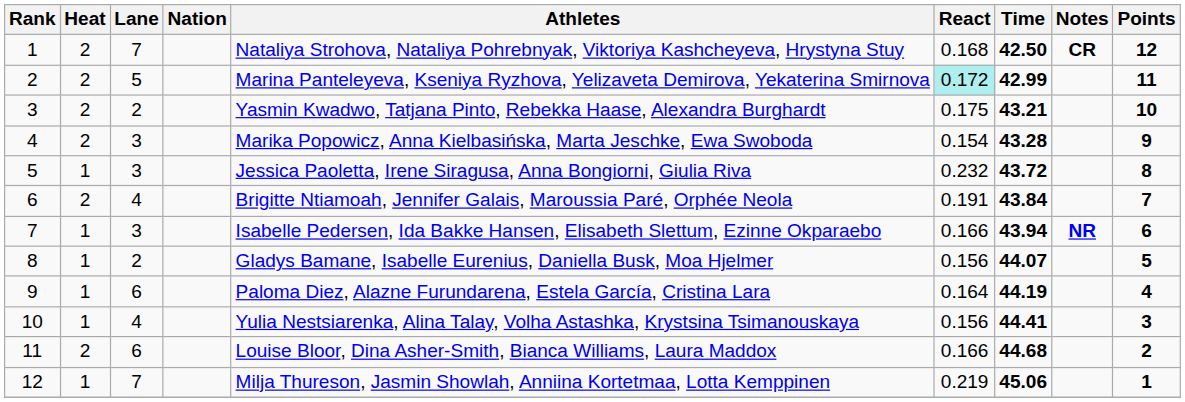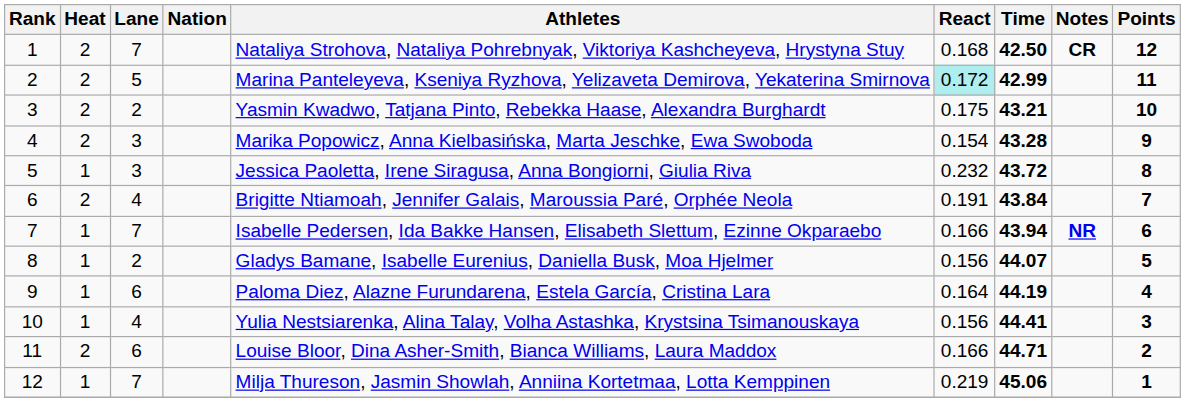 <table class="wikitable sortable" style="text-align:center">
 <tr>
 <th>Rank</th>
 <th>Heat</th>
 <th>Lane</th>
 <th>Nation</th>
 <th>Athletes</th>
 <th>React</th>
 <th>Time</th>
 <th>Notes</th>
 <th>Points</th>
 </tr>
 <tr>
 <td>1</td>
 <td>2</td>
 <td>7</td>
 <td align=left></td>
 <td align=left><a href='#'>Nataliya Strohova</a>, <a href='#'>Nataliya Pohrebnyak</a>, <a href='#'>Viktoriya Kashcheyeva</a>, <a href='#'>Hrystyna Stuy</a></td>
 <td>0.168</td>
 <td><strong>42.50</strong></td>
 <td><strong>CR </strong></td>
 <td><strong>12</strong></td>
 </tr>
 <tr>
 <td>2</td>
 <td>2</td>
 <td>5</td>
 <td align=left></td>
 <td align=left><a href='#'>Marina Panteleyeva</a>, <a href='#'>Kseniya Ryzhova</a>, <a href='#'>Yelizaveta Demirova</a>, <a href='#'>Yekaterina Smirnova</a></td>
 <td style="background: paleturquoise;">0.172</td>
 <td><strong>42.99</strong></td>
 <td></td>
 <td><strong>11</strong></td>
 </tr>
 <tr>
 <td>3</td>
 <td>2</td>
 <td>2</td>
 <td align=left></td>
 <td align=left><a href='#'>Yasmin Kwadwo</a>, <a href='#'>Tatjana Pinto</a>, <a href='#'>Rebekka Haase</a>, <a href='#'>Alexandra Burghardt</a></td>
 <td>0.175</td>
 <td><strong>43.21</strong></td>
 <td></td>
 <td><strong>10</strong></td>
 </tr>
 <tr>
 <td>4</td>
 <td>2</td>
 <td>3</td>
 <td align=left></td>
 <td align=left><a href='#'>Marika Popowicz</a>, <a href='#'>Anna Kielbasińska</a>, <a href='#'>Marta Jeschke</a>, <a href='#'>Ewa Swoboda</a></td>
 <td>0.154</td>
 <td><strong>43.28</strong></td>
 <td></td>
 <td><strong>9</strong></td>
 </tr>
 <tr>
 <td>5</td>
 <td>1</td>
 <td>3</td>
 <td align=left></td>
 <td align=left><a href='#'>Jessica Paoletta</a>, <a href='#'>Irene Siragusa</a>, <a href='#'>Anna Bongiorni</a>, <a href='#'>Giulia Riva</a></td>
 <td>0.232</td>
 <td><strong>43.72</strong></td>
 <td></td>
 <td><strong>8</strong></td>
 </tr>
 <tr>
 <td>6</td>
 <td>2</td>
 <td>4</td>
 <td align=left></td>
 <td align=left><a href='#'>Brigitte Ntiamoah</a>, <a href='#'>Jennifer Galais</a>, <a href='#'>Maroussia Paré</a>, <a href='#'>Orphée Neola</a></td>
 <td>0.191</td>
 <td><strong>43.84</strong></td>
 <td></td>
 <td><strong>7</strong></td>
 </tr>
 <tr>
 <td>7</td>
 <td>1</td>
-<td>3</td>
+<td>7</td>
 <td align=left></td>
 <td align=left><a href='#'>Isabelle Pedersen</a>, <a href='#'>Ida Bakke Hansen</a>, <a href='#'>Elisabeth Slettum</a>, <a href='#'>Ezinne Okparaebo</a></td>
 <td>0.166</td>
 <td><strong>43.94</strong></td>
 <td><strong><a href='#'>NR</a></strong></td>
 <td><strong>6</strong></td>
 </tr>
 <tr>
 <td>8</td>
 <td>1</td>
 <td>2</td>
 <td align=left></td>
 <td align=left><a href='#'>Gladys Bamane</a>, <a href='#'>Isabelle Eurenius</a>, <a href='#'>Daniella Busk</a>, <a href='#'>Moa Hjelmer</a></td>
 <td>0.156</td>
 <td><strong>44.07</strong></td>
 <td></td>
 <td><strong>5</strong></td>
 </tr>
 <tr>
 <td>9</td>
 <td>1</td>
 <td>6</td>
 <td align=left></td>
 <td align=left><a href='#'>Paloma Diez</a>, <a href='#'>Alazne Furundarena</a>, <a href='#'>Estela García</a>, <a href='#'>Cristina Lara</a></td>
 <td>0.164</td>
 <td><strong>44.19</strong></td>
 <td></td>
 <td><strong>4</strong></td>
 </tr>
 <tr>
 <td>10</td>
 <td>1</td>
 <td>4</td>
 <td align=left></td>
 <td align=left><a href='#'>Yulia Nestsiarenka</a>, <a href='#'>Alina Talay</a>, <a href='#'>Volha Astashka</a>, <a href='#'>Krystsina Tsimanouskaya</a></td>
 <td>0.156</td>
 <td><strong>44.41</strong></td>
 <td></td>
 <td><strong>3</strong></td>
 </tr>
 <tr>
 <td>11</td>
 <td>2</td>
 <td>6</td>
 <td align=left></td>
 <td align=left><a href='#'>Louise Bloor</a>, <a href='#'>Dina Asher-Smith</a>, <a href='#'>Bianca Williams</a>, <a href='#'>Laura Maddox</a></td>
 <td>0.166</td>
-<td><strong>44.68</strong></td>
+<td><strong>44.71</strong></td>
 <td></td>
 <td><strong>2</strong></td>
 </tr>
 <tr>
 <td>12</td>
 <td>1</td>
 <td>7</td>
 <td align=left></td>
 <td align=left><a href='#'>Milja Thureson</a>, <a href='#'>Jasmin Showlah</a>, <a href='#'>Anniina Kortetmaa</a>, <a href='#'>Lotta Kemppinen</a></td>
 <td>0.219</td>
 <td><strong>45.06</strong></td>
 <td></td>
 <td><strong>1</strong></td>
 </tr>
 <tr>
 </tr>
 </table>
